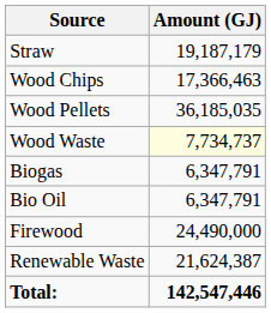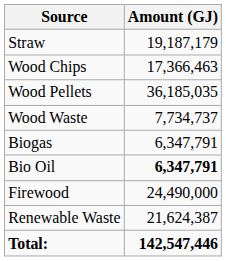 <table style="text-align: right" class="wikitable">
 <tr>
 <th>Source</th>
 <th>Amount (GJ)</th>
 </tr>
 <tr>
 <td align="left">Straw</td>
 <td>19,187,179</td>
 </tr>
 <tr>
 <td align="left">Wood Chips</td>
 <td>17,366,463</td>
 </tr>
 <tr>
 <td align="left">Wood Pellets</td>
 <td>36,185,035</td>
 </tr>
 <tr>
 <td align="left">Wood Waste</td>
-<td style="background: lightyellow;">7,734,737</td>
+<td>7,734,737</td>
 </tr>
 <tr>
 <td align="left">Biogas</td>
 <td>6,347,791</td>
 </tr>
 <tr>
 <td align="left">Bio Oil</td>
-<td>6,347,791</td>
+<td><strong>6,347,791</strong></td>
 </tr>
 <tr>
 <td align="left">Firewood</td>
 <td>24,490,000</td>
 </tr>
 <tr>
 <td align="left">Renewable Waste</td>
 <td>21,624,387</td>
 </tr>
 <tr>
 <td align="left"><strong>Total:</strong></td>
 <td><strong>142,547,446</strong></td>
 </tr>
 </table>
